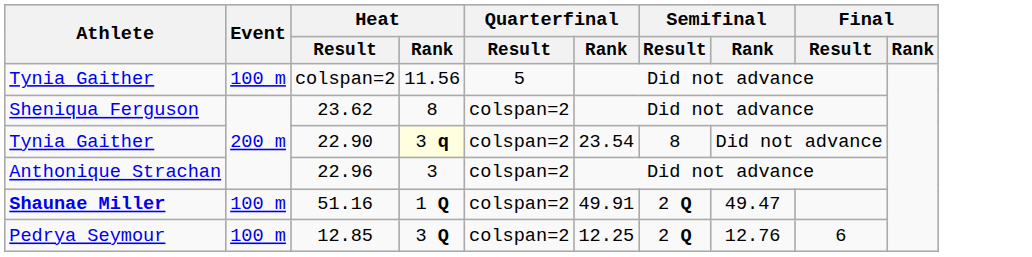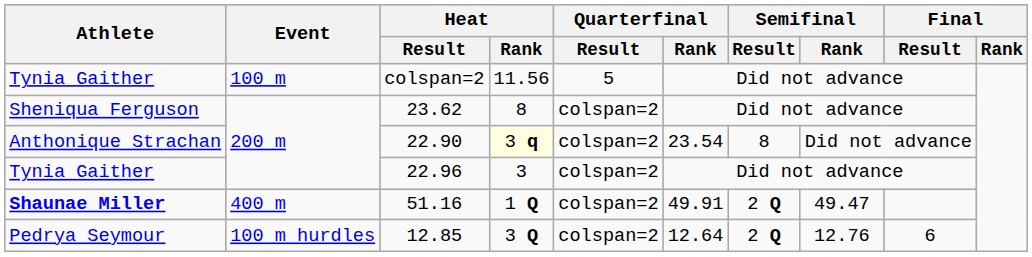 <table class="wikitable" style="font-size:90%">
 <tr>
 <th rowspan="2">Athlete</th>
 <th rowspan="2">Event</th>
 <th colspan="2">Heat</th>
 <th colspan="2">Quarterfinal</th>
 <th colspan="2">Semifinal</th>
 <th colspan="2">Final</th>
 </tr>
 <tr style="font-size:95%">
 <th>Result</th>
 <th>Rank</th>
 <th>Result</th>
 <th>Rank</th>
 <th>Result</th>
 <th>Rank</th>
 <th>Result</th>
 <th>Rank</th>
 </tr>
 <tr align=center>
 <td align=left><a href='#'>Tynia Gaither</a></td>
 <td align=left><a href='#'>100 m</a></td>
 <td>colspan=2 </td>
 <td>11.56</td>
 <td>5</td>
 <td colspan=4>Did not advance</td>
 </tr>
 <tr align=center>
 <td align=left><a href='#'>Sheniqua Ferguson</a></td>
 <td align=left rowspan=3><a href='#'>200 m</a></td>
 <td>23.62</td>
 <td>8</td>
 <td>colspan=2 </td>
 <td colspan=4>Did not advance</td>
 </tr>
 <tr align=center>
-<td align=left><a href='#'>Tynia Gaither</a></td>
+<td align=left><a href='#'>Anthonique Strachan</a></td>
 <td>22.90</td>
 <td style="background: lightyellow;">3 <strong>q</strong></td>
 <td>colspan=2 </td>
 <td>23.54</td>
 <td>8</td>
 <td colspan=2>Did not advance</td>
 </tr>
 <tr align=center>
-<td align=left><a href='#'>Anthonique Strachan</a></td>
+<td align=left><a href='#'>Tynia Gaither</a></td>
 <td>22.96</td>
 <td>3</td>
 <td>colspan=2 </td>
 <td colspan=4>Did not advance</td>
 </tr>
 <tr align=center>
 <td align=left><strong><a href='#'>Shaunae Miller</a></strong></td>
-<td align=left><a href='#'>100 m</a></td>
+<td align=left><a href='#'>400 m</a></td>
 <td>51.16</td>
 <td>1 <strong>Q</strong></td>
 <td>colspan=2 </td>
 <td>49.91</td>
 <td>2 <strong>Q</strong></td>
 <td>49.47</td>
 <td></td>
 </tr>
 <tr align=center>
 <td align=left><a href='#'>Pedrya Seymour</a></td>
-<td align=left><a href='#'>100 m</a></td>
+<td align=left><a href='#'>100 m hurdles</a></td>
 <td>12.85</td>
 <td>3 <strong>Q</strong></td>
 <td>colspan=2 </td>
-<td>12.25</td>
+<td>12.64</td>
 <td>2 <strong>Q</strong></td>
 <td>12.76</td>
 <td>6</td>
 </tr>
 </table>
